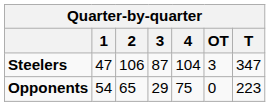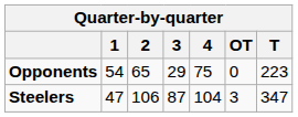 <table class="wikitable">
 <tr>
 <th colspan="7">Quarter-by-quarter</th>
 </tr>
 <tr>
 <th></th>
 <th>1</th>
 <th>2</th>
 <th>3</th>
 <th>4</th>
 <th>OT</th>
 <th>T</th>
 </tr>
 <tr>
+<td><strong>Opponents</strong></td>
+<td>54</td>
+<td>65</td>
+<td>29</td>
+<td>75</td>
+<td>0</td>
+<td>223</td>
+</tr>
+<tr>
 <td><strong>Steelers</strong></td>
 <td>47</td>
 <td>106</td>
 <td>87</td>
 <td>104</td>
 <td>3</td>
 <td>347</td>
 </tr>
-<tr>
-<td><strong>Opponents</strong></td>
-<td>54</td>
-<td>65</td>
-<td>29</td>
-<td>75</td>
-<td>0</td>
-<td>223</td>
-</tr>
 </table>
